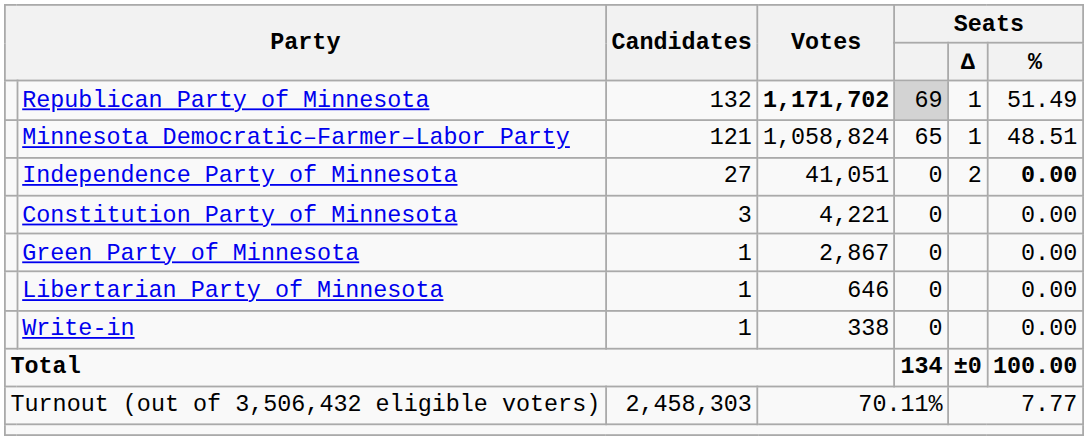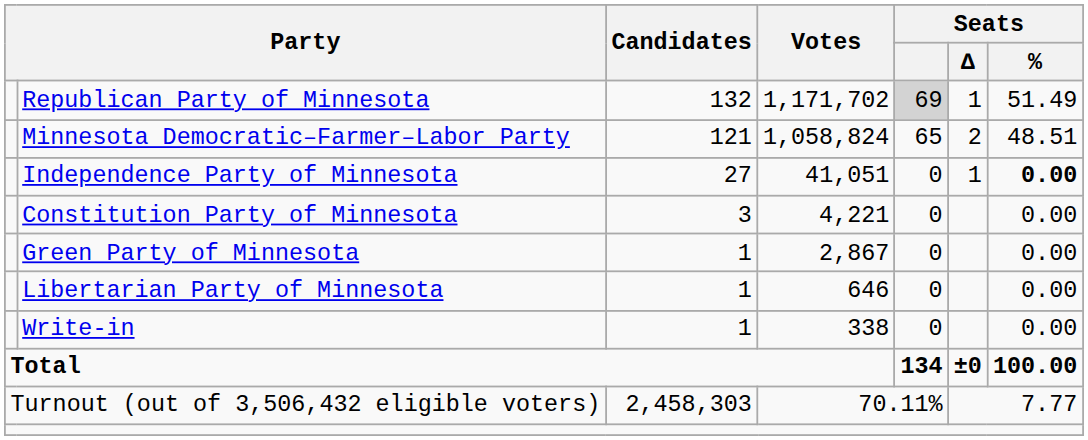 <table class="wikitable">
 <tr>
 <th rowspan="2" colspan="2">Party</th>
 <th rowspan="2">Candidates</th>
 <th rowspan="2" colspan="1">Votes</th>
 <th colspan="3">Seats</th>
 </tr>
 <tr>
 <th></th>
 <th>∆</th>
 <th>%</th>
 </tr>
 <tr>
 <td style="background-color:"></td>
 <td><a href='#'>Republican Party of Minnesota</a></td>
 <td align="right">132</td>
-<td align="right"><strong>1,171,702</strong></td>
+<td align="right">1,171,702</td>
 <td align="right" style="background: lightgrey;">69</td>
 <td align="right">1</td>
 <td align="right">51.49</td>
 </tr>
 <tr>
 <td style="background-color:"></td>
 <td><a href='#'>Minnesota Democratic–Farmer–Labor Party</a></td>
 <td align="right">121</td>
 <td align="right">1,058,824</td>
 <td align="right">65</td>
-<td align="right">1</td>
+<td align="right">2</td>
 <td align="right">48.51</td>
 </tr>
 <tr>
 <td style="background-color:"></td>
 <td><a href='#'>Independence Party of Minnesota</a></td>
 <td align="right">27</td>
 <td align="right">41,051</td>
 <td align="right">0</td>
-<td align="right">2</td>
+<td align="right">1</td>
 <td align="right"><strong>0.00</strong></td>
 </tr>
 <tr>
 <td style="background-color:"></td>
 <td><a href='#'>Constitution Party of Minnesota</a></td>
 <td align="right">3</td>
 <td align="right">4,221</td>
 <td align="right">0</td>
 <td align="right"></td>
 <td align="right">0.00</td>
 </tr>
 <tr>
 <td style="background-color:"></td>
 <td><a href='#'>Green Party of Minnesota</a></td>
 <td align="right">1</td>
 <td align="right">2,867</td>
 <td align="right">0</td>
 <td align="right"></td>
 <td align="right">0.00</td>
 </tr>
 <tr>
 <td style="background-color:"></td>
 <td><a href='#'>Libertarian Party of Minnesota</a></td>
 <td align="right">1</td>
 <td align="right">646</td>
 <td align="right">0</td>
 <td align="right"></td>
 <td align="right">0.00</td>
 </tr>
 <tr>
 <td style="background-color:"></td>
 <td><a href='#'>Write-in</a></td>
 <td align="right">1</td>
 <td align="right">338</td>
 <td align="right">0</td>
 <td align="right"></td>
 <td align="right">0.00</td>
 </tr>
 <tr>
 <td colspan="4" align="left"><strong>Total</strong></td>
 <td align="right"><strong>134</strong></td>
 <td align="right"><strong>±0</strong></td>
 <td align="right"><strong>100.00</strong></td>
 </tr>
 <tr>
 <td colspan="2" align="left">Turnout (out of 3,506,432 eligible voters)</td>
 <td colspan="1" align="right">2,458,303</td>
 <td colspan="2" align="right">70.11%</td>
 <td colspan="2" align="right">7.77 </td>
 </tr>
 <tr>
 <td colspan="7"></td>
 </tr>
 </table>
